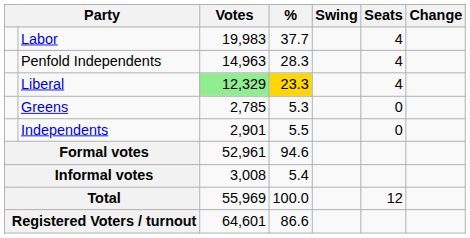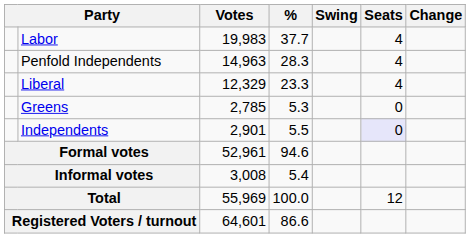 <table class="wikitable" style="text-align:right; margin-bottom:0">
 <tr>
 <th style="width:10px" colspan=3>Party</th>
 <th style="width:70px;">Votes</th>
 <th style="width:40px;">%</th>
 <th style="width:40px;">Swing</th>
 <th style="width:40px;">Seats</th>
 <th style="width:40px;">Change</th>
 </tr>
 <tr>
 <td> </td>
 <td style="text-align:left;" colspan="2"><a href='#'>Labor</a></td>
 <td>19,983</td>
 <td>37.7</td>
 <td></td>
 <td>4</td>
 <td></td>
 </tr>
 <tr>
 <td> </td>
 <td style="text-align:left;" colspan="2">Penfold Independents</td>
 <td>14,963</td>
 <td>28.3</td>
 <td></td>
 <td>4</td>
 <td></td>
 </tr>
 <tr>
 <td> </td>
 <td style="text-align:left;" colspan="2"><a href='#'>Liberal</a></td>
-<td style="background: lightgreen;">12,329</td>
-<td style="background: gold;">23.3</td>
+<td>12,329</td>
+<td>23.3</td>
 <td></td>
 <td>4</td>
 <td></td>
 </tr>
 <tr>
 <td> </td>
 <td style="text-align:left;" colspan="2"><a href='#'>Greens</a></td>
 <td>2,785</td>
 <td>5.3</td>
 <td></td>
 <td>0</td>
 <td></td>
 </tr>
 <tr>
 <td> </td>
 <td style="text-align:left;" colspan="2"><a href='#'>Independents</a></td>
 <td>2,901</td>
 <td>5.5</td>
 <td></td>
-<td>0</td>
+<td style="background: lavender;">0</td>
 <td></td>
 </tr>
 <tr>
 <th colspan="3" rowspan="1"> Formal votes</th>
 <td>52,961</td>
 <td>94.6</td>
 <td></td>
 <td></td>
 <td></td>
 </tr>
 <tr>
 <th colspan="3" rowspan="1"> Informal votes</th>
 <td>3,008</td>
 <td>5.4</td>
 <td></td>
 <td></td>
 <td></td>
 </tr>
 <tr>
 <th colspan="3" rowspan="1"> <strong>Total </strong></th>
 <td>55,969</td>
 <td>100.0</td>
 <td></td>
 <td>12</td>
 <td></td>
 </tr>
 <tr>
 <th colspan="3" rowspan="1"> <strong>Registered Voters / turnout</strong></th>
 <td>64,601</td>
 <td>86.6</td>
 <td></td>
 <td></td>
 </tr>
 </table>
